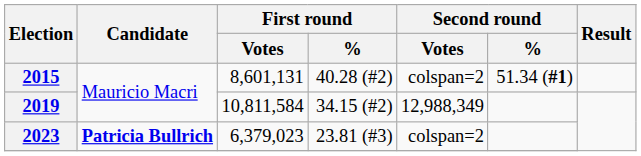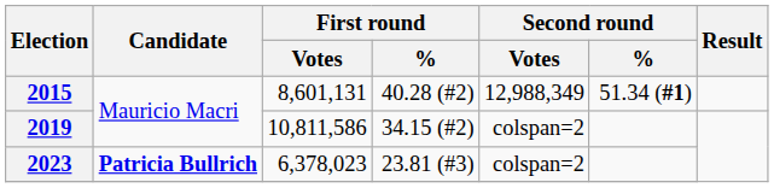 <table class="wikitable" style="text-align:right;">
 <tr>
 <th rowspan="2">Election</th>
 <th rowspan="2">Candidate</th>
 <th colspan="2">First round</th>
 <th colspan="2">Second round</th>
 <th rowspan="2">Result</th>
 </tr>
 <tr>
 <th width="70">Votes</th>
 <th width="70">%</th>
 <th width="70">Votes</th>
 <th width="70">%</th>
 </tr>
 <tr>
 <th><a href='#'>2015</a></th>
 <td align="left" rowspan="2"><a href='#'>Mauricio Macri</a></td>
 <td>8,601,131</td>
 <td>40.28 (#2)</td>
-<td>colspan=2 </td>
+<td>12,988,349</td>
 <td>51.34 (<strong>#1</strong>)</td>
 <td></td>
 </tr>
 <tr>
 <th><a href='#'>2019</a></th>
-<td>10,811,584</td>
+<td>10,811,586</td>
 <td>34.15 (#2)</td>
-<td>12,988,349</td>
+<td>colspan=2 </td>
 <td></td>
 </tr>
 <tr>
 <th><a href='#'>2023</a></th>
 <td align="left"><strong><a href='#'>Patricia Bullrich</a></strong></td>
-<td>6,379,023</td>
+<td>6,378,023</td>
 <td>23.81 (#3)</td>
 <td>colspan=2 </td>
 <td></td>
 </tr>
 <tr>
 </tr>
 </table>
